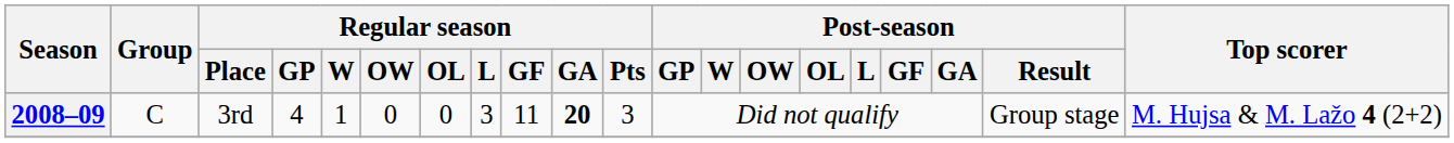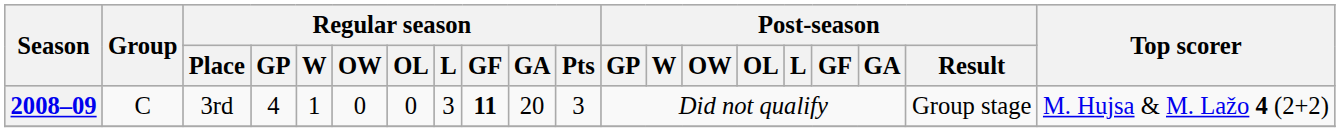 <table class="wikitable collapsible" style="text-align: center; font-size: 95%">
 <tr>
 <th rowspan="2">Season</th>
 <th rowspan="2">Group</th>
 <th colspan="9">Regular season</th>
 <th colspan="8">Post-season</th>
 <th rowspan="2">Top scorer</th>
 </tr>
 <tr>
 <th>Place</th>
 <th>GP</th>
 <th>W</th>
 <th>OW</th>
 <th>OL</th>
 <th>L</th>
 <th>GF</th>
 <th>GA</th>
 <th>Pts</th>
 <th>GP</th>
 <th>W</th>
 <th>OW</th>
 <th>OL</th>
 <th>L</th>
 <th>GF</th>
 <th>GA</th>
 <th>Result</th>
 </tr>
 <tr>
 <th><a href='#'>2008–09</a></th>
 <td>C</td>
 <td>3rd</td>
 <td>4</td>
 <td>1</td>
 <td>0</td>
 <td>0</td>
 <td>3</td>
-<td>11</td>
-<td><strong>20</strong></td>
+<td><strong>11</strong></td>
+<td>20</td>
 <td>3</td>
 <td colspan=7><em>Did not qualify</em></td>
 <td align=left>Group stage</td>
 <td align=left> <a href='#'>M. Hujsa</a> &  <a href='#'>M. Lažo</a> <strong>4</strong> (2+2)</td>
 </tr>
 <tr>
 </tr>
 </table>
